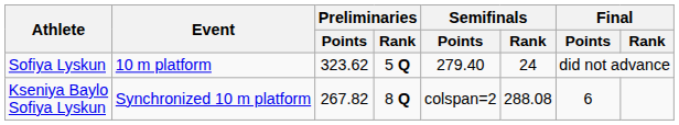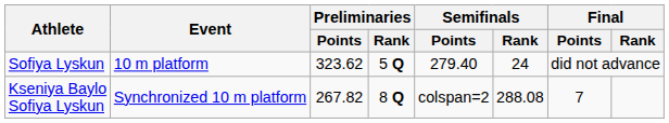 <table class="wikitable" style="text-align:center; font-size:90%">
 <tr>
 <th rowspan="2">Athlete</th>
 <th rowspan="2">Event</th>
 <th colspan="2">Preliminaries</th>
 <th colspan="2">Semifinals</th>
 <th colspan="2">Final</th>
 </tr>
 <tr style="font-size:95%">
 <th>Points</th>
 <th>Rank</th>
 <th>Points</th>
 <th>Rank</th>
 <th>Points</th>
 <th>Rank</th>
 </tr>
 <tr>
 <td align=left><a href='#'>Sofiya Lyskun</a></td>
 <td align=left><a href='#'>10 m platform</a></td>
 <td>323.62</td>
 <td>5 <strong>Q</strong></td>
 <td>279.40</td>
 <td>24</td>
 <td colspan=2>did not advance</td>
 </tr>
 <tr>
 <td align=left><a href='#'>Kseniya Baylo</a> <br><a href='#'>Sofiya Lyskun</a></td>
 <td align=left><a href='#'>Synchronized 10 m platform</a></td>
 <td>267.82</td>
 <td>8 <strong>Q</strong></td>
 <td>colspan=2 </td>
 <td>288.08</td>
-<td>6</td>
+<td>7</td>
 </tr>
 </table>
